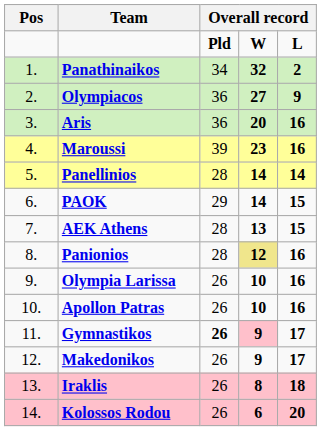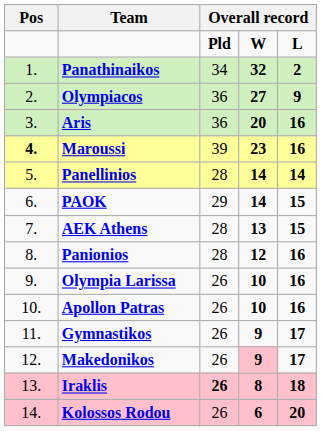 <table class="wikitable" style="text-align: center; font-size:95%">
 <tr>
 <th width="44">Pos</th>
 <th width="128">Team</th>
 <th colspan=3>Overall record</th>
 </tr>
 <tr>
 <td></td>
 <td></td>
 <td width="30"><strong>Pld</strong></td>
 <td width="30"><strong>W</strong></td>
 <td width="30"><strong>L</strong></td>
 </tr>
 <tr bgcolor="D0F0C0">
 <td>1.</td>
 <td align="left"><strong><a href='#'>Panathinaikos</a></strong></td>
 <td>34</td>
 <td><strong>32</strong></td>
 <td><strong>2</strong></td>
 </tr>
 <tr bgcolor="D0F0C0">
 <td>2.</td>
 <td align="left"><strong><a href='#'>Olympiacos</a></strong></td>
 <td>36</td>
 <td><strong>27</strong></td>
 <td><strong>9</strong></td>
 </tr>
 <tr bgcolor="D0F0C0">
 <td>3.</td>
 <td align="left"><strong><a href='#'>Aris</a></strong></td>
 <td>36</td>
 <td><strong>20</strong></td>
 <td><strong>16</strong></td>
 </tr>
 <tr bgcolor="FFFF99">
-<td>4.</td>
+<td><strong>4.</strong></td>
 <td align="left"><strong><a href='#'>Maroussi</a></strong></td>
 <td>39</td>
 <td><strong>23</strong></td>
 <td><strong>16</strong></td>
 </tr>
 <tr bgcolor="FFFF99">
 <td>5.</td>
 <td align="left"><strong><a href='#'>Panellinios</a></strong></td>
 <td>28</td>
 <td><strong>14</strong></td>
 <td><strong>14</strong></td>
 </tr>
 <tr>
 <td>6.</td>
 <td align="left"><strong><a href='#'>PAOK</a></strong></td>
 <td>29</td>
 <td><strong>14</strong></td>
 <td><strong>15</strong></td>
 </tr>
 <tr>
 <td>7.</td>
 <td align="left"><strong><a href='#'>AEK Athens</a></strong></td>
 <td>28</td>
 <td><strong>13</strong></td>
 <td><strong>15</strong></td>
 </tr>
 <tr>
 <td>8.</td>
 <td align="left"><strong><a href='#'>Panionios</a></strong></td>
 <td>28</td>
-<td style="background: khaki;"><strong>12</strong></td>
+<td><strong>12</strong></td>
 <td><strong>16</strong></td>
 </tr>
 <tr>
 <td>9.</td>
 <td align="left"><strong><a href='#'>Olympia Larissa</a></strong></td>
 <td>26</td>
 <td><strong>10</strong></td>
 <td><strong>16</strong></td>
 </tr>
 <tr>
 <td>10.</td>
 <td align="left"><strong><a href='#'>Apollon Patras</a></strong></td>
 <td>26</td>
 <td><strong>10</strong></td>
 <td><strong>16</strong></td>
 </tr>
 <tr>
 <td>11.</td>
 <td align="left"><strong><a href='#'>Gymnastikos</a></strong></td>
-<td><strong>26</strong></td>
-<td style="background: pink;"><strong>9</strong></td>
+<td>26</td>
+<td><strong>9</strong></td>
 <td><strong>17</strong></td>
 </tr>
 <tr>
 <td>12.</td>
 <td align="left"><strong><a href='#'>Makedonikos</a></strong></td>
 <td>26</td>
-<td><strong>9</strong></td>
+<td style="background: pink;"><strong>9</strong></td>
 <td><strong>17</strong></td>
 </tr>
 <tr bgcolor="#ffc0cb">
 <td>13.</td>
 <td align="left"><strong><a href='#'>Iraklis</a></strong></td>
-<td>26</td>
+<td><strong>26</strong></td>
 <td><strong>8</strong></td>
 <td><strong>18</strong></td>
 </tr>
 <tr bgcolor="#ffc0cb">
 <td>14.</td>
 <td align="left"><strong><a href='#'>Kolossos Rodou</a></strong></td>
 <td>26</td>
 <td><strong>6</strong></td>
 <td><strong>20</strong></td>
 </tr>
 </table>
